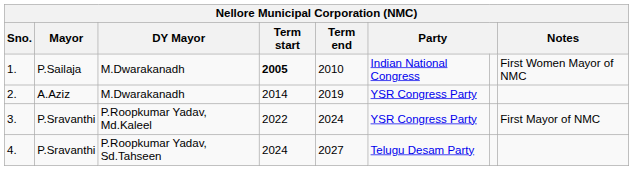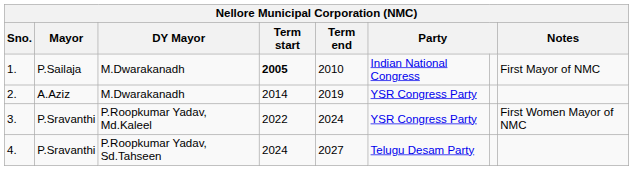 <table class="wikitable sortable">
 <tr>
 <th colspan="8">Nellore Municipal Corporation (NMC)</th>
 </tr>
 <tr>
 <th>Sno.</th>
 <th>Mayor</th>
 <th>DY Mayor</th>
 <th>Term start</th>
 <th>Term end</th>
 <th colspan=2>Party</th>
 <th>Notes</th>
 </tr>
 <tr>
 <td>1.</td>
 <td>P.Sailaja</td>
 <td>M.Dwarakanadh</td>
 <td><strong>2005</strong></td>
 <td>2010</td>
 <td rowspan="1"><a href='#'>Indian National Congress</a></td>
 <td rowspan="1" width="4px" style="background-color: "></td>
-<td>First Women Mayor of NMC</td>
+<td>First Mayor of NMC</td>
 </tr>
 <tr>
 <td>2.</td>
 <td>A.Aziz</td>
 <td>M.Dwarakanadh</td>
 <td>2014</td>
 <td>2019</td>
 <td rowspan="1"><a href='#'>YSR Congress Party</a></td>
 <td rowspan="1" width="4px" style="background-color: "></td>
 <td></td>
 </tr>
 <tr>
 <td>3.</td>
 <td>P.Sravanthi</td>
 <td>P.Roopkumar Yadav, Md.Kaleel</td>
 <td>2022</td>
 <td>2024</td>
 <td rowspan="1"><a href='#'>YSR Congress Party</a></td>
 <td rowspan="1" width="4px" style="background-color: "></td>
-<td>First Mayor of NMC</td>
+<td>First Women Mayor of NMC</td>
 </tr>
 <tr>
 <td>4.</td>
 <td>P.Sravanthi</td>
 <td>P.Roopkumar Yadav, Sd.Tahseen</td>
 <td>2024</td>
 <td>2027</td>
 <td rowspan="1"><a href='#'>Telugu Desam Party</a></td>
 <td rowspan="1" width="4px" style="background-color: "></td>
 <td></td>
 </tr>
 </table>
